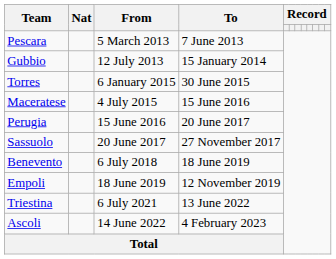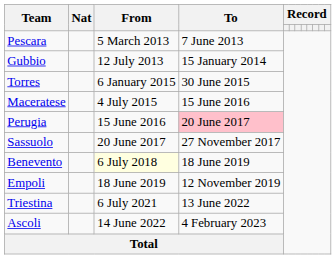 <table class="wikitable" style="text-align: center">
 <tr>
 <th rowspan="2">Team</th>
 <th rowspan="2">Nat</th>
 <th rowspan="2">From</th>
 <th rowspan="2">To</th>
 <th colspan="8">Record</th>
 </tr>
 <tr>
 <th></th>
 <th></th>
 <th></th>
 <th></th>
 <th></th>
 <th></th>
 <th></th>
 <th></th>
 </tr>
 <tr>
 <td align=left><a href='#'>Pescara</a></td>
 <td></td>
 <td align=left>5 March 2013</td>
 <td align=left>7 June 2013<br></td>
 </tr>
 <tr>
 <td align=left><a href='#'>Gubbio</a></td>
 <td></td>
 <td align=left>12 July 2013</td>
 <td align=left>15 January 2014<br></td>
 </tr>
 <tr>
 <td align=left><a href='#'>Torres</a></td>
 <td></td>
 <td align=left>6 January 2015</td>
 <td align=left>30 June 2015<br></td>
 </tr>
 <tr>
 <td align=left><a href='#'>Maceratese</a></td>
 <td></td>
 <td align=left>4 July 2015</td>
 <td align=left>15 June 2016<br></td>
 </tr>
 <tr>
 <td align=left><a href='#'>Perugia</a></td>
 <td></td>
 <td align=left>15 June 2016</td>
-<td align=left>20 June 2017<br></td>
+<td align=left style="background: pink;">20 June 2017<br></td>
 </tr>
 <tr>
 <td align=left><a href='#'>Sassuolo</a></td>
 <td></td>
 <td align=left>20 June 2017</td>
 <td align=left>27 November 2017<br></td>
 </tr>
 <tr>
 <td align=left><a href='#'>Benevento</a></td>
 <td></td>
-<td align=left>6 July 2018</td>
+<td align=left style="background: lightyellow;">6 July 2018</td>
 <td align=left>18 June 2019<br></td>
 </tr>
 <tr>
 <td align=left><a href='#'>Empoli</a></td>
 <td></td>
 <td align=left>18 June 2019</td>
 <td align=left>12 November 2019<br></td>
 </tr>
 <tr>
 <td align=left><a href='#'>Triestina</a></td>
 <td></td>
 <td align=left>6 July 2021</td>
 <td align=left>13 June 2022<br></td>
 </tr>
 <tr>
 <td align=left><a href='#'>Ascoli</a></td>
 <td></td>
 <td align=left>14 June 2022</td>
 <td align=left>4 February 2023<br></td>
 </tr>
 <tr>
 <th colspan="4">Total<br></th>
 </tr>
 </table>
